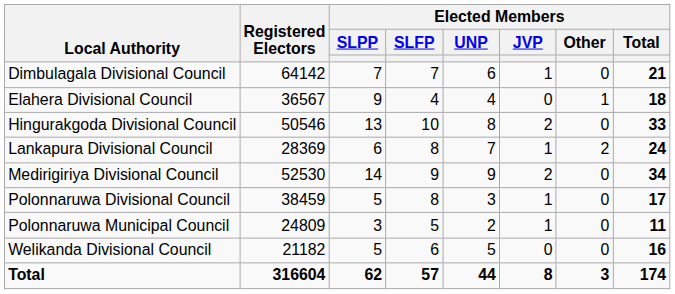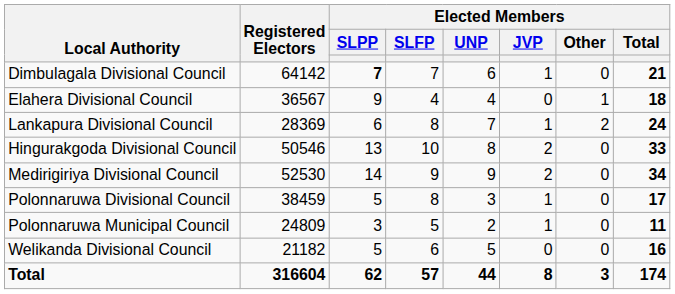 <table class="wikitable" border="1" style="text-align:right;">
 <tr>
 <th style="vertical-align:bottom;" rowspan=3>Local Authority</th>
 <th style="vertical-align:bottom;" rowspan=3>Registered<br>Electors<br></th>
 <th colspan=6>Elected Members</th>
 </tr>
 <tr>
 <th style="width:50px;"><a href='#'>SLPP</a></th>
 <th style="width:50px;"><a href='#'>SLFP</a></th>
 <th style="width:50px;"><a href='#'>UNP</a></th>
 <th style="width:50px;"><a href='#'>JVP</a></th>
 <th style="width:50px;">Other</th>
 <th style="width:50px;">Total</th>
 </tr>
 <tr>
 <th style="background:"></th>
 <th style="background:"></th>
 <th style="background:"></th>
 <th style="background:"></th>
 <th style="background:"></th>
 <th></th>
 </tr>
 <tr>
 <td align=left>Dimbulagala Divisional Council</td>
 <td>64142</td>
-<td>7</td>
+<td><strong>7</strong></td>
 <td>7</td>
 <td>6</td>
 <td>1</td>
 <td>0</td>
 <td><strong>21</strong></td>
 </tr>
 <tr>
 <td align=left>Elahera Divisional Council</td>
 <td>36567</td>
 <td>9</td>
 <td>4</td>
 <td>4</td>
 <td>0</td>
 <td>1</td>
 <td><strong>18</strong></td>
 </tr>
 <tr>
+<td align=left>Lankapura Divisional Council</td>
+<td>28369</td>
+<td>6</td>
+<td>8</td>
+<td>7</td>
+<td>1</td>
+<td>2</td>
+<td><strong>24</strong></td>
+</tr>
+<tr>
 <td align=left>Hingurakgoda Divisional Council</td>
 <td>50546</td>
 <td>13</td>
 <td>10</td>
 <td>8</td>
 <td>2</td>
 <td>0</td>
 <td><strong>33</strong></td>
-</tr>
-<tr>
-<td align=left>Lankapura Divisional Council</td>
-<td>28369</td>
-<td>6</td>
-<td>8</td>
-<td>7</td>
-<td>1</td>
-<td>2</td>
-<td><strong>24</strong></td>
 </tr>
 <tr>
 <td align=left>Medirigiriya Divisional Council</td>
 <td>52530</td>
 <td>14</td>
 <td>9</td>
 <td>9</td>
 <td>2</td>
 <td>0</td>
 <td><strong>34</strong></td>
 </tr>
 <tr>
 <td align=left>Polonnaruwa Divisional Council</td>
 <td>38459</td>
 <td>5</td>
 <td>8</td>
 <td>3</td>
 <td>1</td>
 <td>0</td>
 <td><strong>17</strong></td>
 </tr>
 <tr>
 <td align=left>Polonnaruwa Municipal Council</td>
 <td>24809</td>
 <td>3</td>
 <td>5</td>
 <td>2</td>
 <td>1</td>
 <td>0</td>
 <td><strong>11</strong></td>
 </tr>
 <tr>
 <td align=left>Welikanda Divisional Council</td>
 <td>21182</td>
 <td>5</td>
 <td>6</td>
 <td>5</td>
 <td>0</td>
 <td>0</td>
 <td><strong>16</strong></td>
 </tr>
 <tr style="font-weight:bold">
 <td align=left>Total</td>
 <td>316604</td>
 <td>62</td>
 <td>57</td>
 <td>44</td>
 <td>8</td>
 <td>3</td>
 <td>174</td>
 </tr>
 </table>
